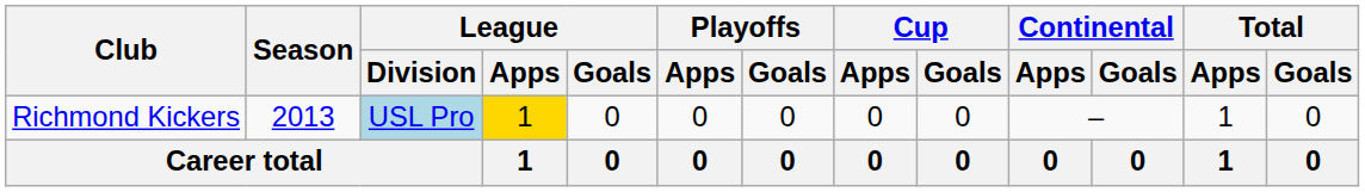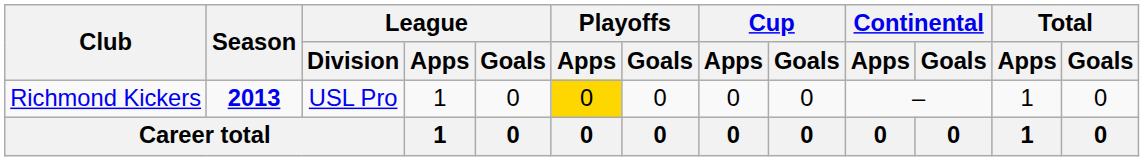 <table class="wikitable" style="text-align: center;">
 <tr>
 <th rowspan=2>Club</th>
 <th rowspan=2>Season</th>
 <th colspan=3>League</th>
 <th colspan=2>Playoffs</th>
 <th colspan=2><a href='#'>Cup</a></th>
 <th colspan=2><a href='#'>Continental</a></th>
 <th colspan=2>Total</th>
 </tr>
 <tr>
 <th>Division</th>
 <th>Apps</th>
 <th>Goals</th>
 <th>Apps</th>
 <th>Goals</th>
 <th>Apps</th>
 <th>Goals</th>
 <th>Apps</th>
 <th>Goals</th>
 <th>Apps</th>
 <th>Goals</th>
 </tr>
 <tr>
 <td><a href='#'>Richmond Kickers</a></td>
-<td><a href='#'>2013</a></td>
-<td style="background: lightblue;"><a href='#'>USL Pro</a></td>
-<td style="background: gold;">1</td>
+<td><strong><a href='#'>2013</a></strong></td>
+<td><a href='#'>USL Pro</a></td>
+<td>1</td>
 <td>0</td>
-<td>0</td>
+<td style="background: gold;">0</td>
 <td>0</td>
 <td>0</td>
 <td>0</td>
 <td colspan=2>–</td>
 <td>1</td>
 <td>0</td>
 </tr>
 <tr>
 <th colspan=3>Career total</th>
 <th>1</th>
 <th>0</th>
 <th>0</th>
 <th>0</th>
 <th>0</th>
 <th>0</th>
 <th>0</th>
 <th>0</th>
 <th>1</th>
 <th>0</th>
 </tr>
 </table>
